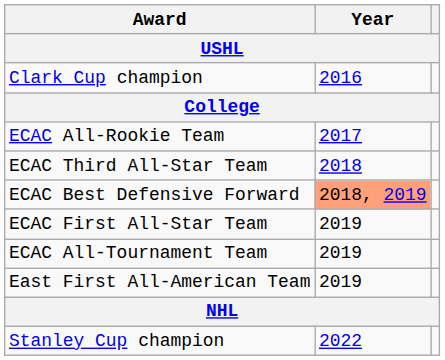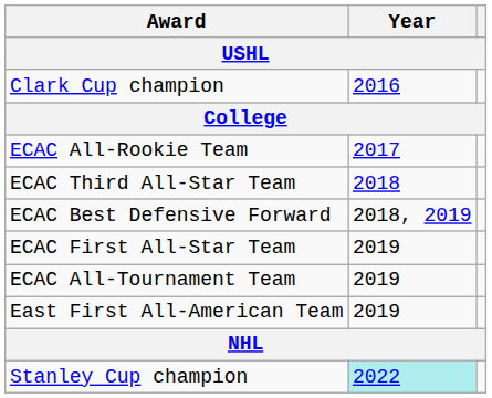 <table class="wikitable">
 <tr>
 <th>Award</th>
 <th>Year</th>
 <th></th>
 </tr>
 <tr>
 <th colspan="3"><a href='#'>USHL</a></th>
 </tr>
 <tr>
 <td><a href='#'>Clark Cup</a> champion</td>
 <td><a href='#'>2016</a></td>
 <td></td>
 </tr>
 <tr>
 <th colspan="3"><a href='#'>College</a></th>
 </tr>
 <tr>
 <td><a href='#'>ECAC</a> All-Rookie Team</td>
 <td><a href='#'>2017</a></td>
 <td></td>
 </tr>
 <tr>
 <td>ECAC Third All-Star Team</td>
 <td><a href='#'>2018</a></td>
 <td></td>
 </tr>
 <tr>
 <td>ECAC Best Defensive Forward</td>
-<td style="background: lightsalmon;">2018, <a href='#'>2019</a></td>
+<td>2018, <a href='#'>2019</a></td>
 <td></td>
 </tr>
 <tr>
 <td>ECAC First All-Star Team</td>
 <td>2019</td>
 <td></td>
 </tr>
 <tr>
 <td>ECAC All-Tournament Team</td>
 <td>2019</td>
 <td></td>
 </tr>
 <tr>
 <td>East First All-American Team</td>
 <td>2019</td>
 <td></td>
 </tr>
 <tr>
 <th colspan="3"><a href='#'>NHL</a></th>
 </tr>
 <tr>
 <td><a href='#'>Stanley Cup</a> champion</td>
-<td><a href='#'>2022</a></td>
+<td style="background: paleturquoise;"><a href='#'>2022</a></td>
 <td></td>
 </tr>
 </table>
